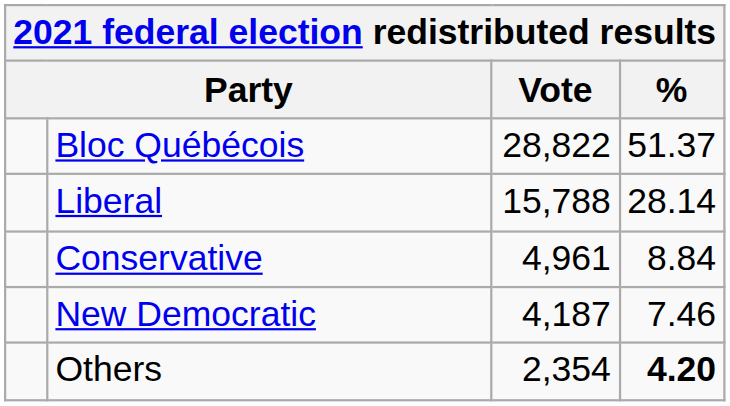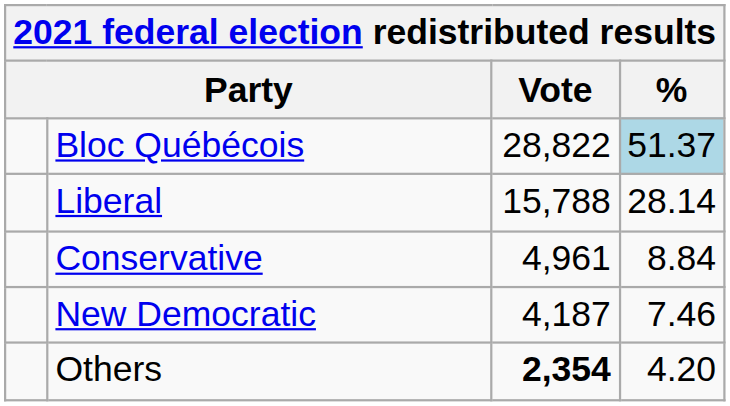 <table class="wikitable">
 <tr>
 <th colspan="4"><a href='#'>2021 federal election</a> redistributed results</th>
 </tr>
 <tr>
 <th bgcolor="#DDDDFF" width="130px" colspan="2">Party</th>
 <th bgcolor="#DDDDFF" width="50px">Vote</th>
 <th bgcolor="#DDDDFF" width="30px">%</th>
 </tr>
 <tr>
 <td> </td>
 <td><a href='#'>Bloc Québécois</a></td>
 <td align=right>28,822</td>
-<td align=right>51.37</td>
+<td align=right style="background: lightblue;">51.37</td>
 </tr>
 <tr>
 <td> </td>
 <td><a href='#'>Liberal</a></td>
 <td align=right>15,788</td>
 <td align=right>28.14</td>
 </tr>
 <tr>
 <td> </td>
 <td><a href='#'>Conservative</a></td>
 <td align=right>4,961</td>
 <td align=right>8.84</td>
 </tr>
 <tr>
 <td> </td>
 <td><a href='#'>New Democratic</a></td>
 <td align=right>4,187</td>
 <td align=right>7.46</td>
 </tr>
 <tr>
 <td> </td>
 <td>Others</td>
-<td align=right>2,354</td>
-<td align=right><strong>4.20</strong></td>
+<td align=right><strong>2,354</strong></td>
+<td align=right>4.20</td>
 </tr>
 </table>
